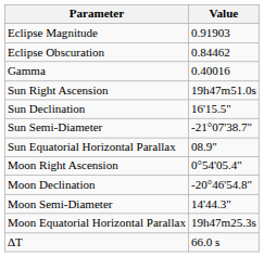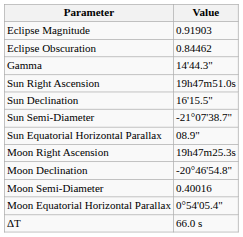 <table class="wikitable">
 <tr>
 <th>Parameter</th>
 <th>Value</th>
 </tr>
 <tr>
 <td>Eclipse Magnitude</td>
 <td>0.91903</td>
 </tr>
 <tr>
 <td>Eclipse Obscuration</td>
 <td>0.84462</td>
 </tr>
 <tr>
 <td>Gamma</td>
-<td>0.40016</td>
+<td>14'44.3"</td>
 </tr>
 <tr>
 <td>Sun Right Ascension</td>
 <td>19h47m51.0s</td>
 </tr>
 <tr>
 <td>Sun Declination</td>
 <td>16'15.5"</td>
 </tr>
 <tr>
 <td>Sun Semi-Diameter</td>
 <td>-21°07'38.7"</td>
 </tr>
 <tr>
 <td>Sun Equatorial Horizontal Parallax</td>
 <td>08.9"</td>
 </tr>
 <tr>
 <td>Moon Right Ascension</td>
-<td>0°54'05.4"</td>
+<td>19h47m25.3s</td>
 </tr>
 <tr>
 <td>Moon Declination</td>
 <td>-20°46'54.8"</td>
 </tr>
 <tr>
 <td>Moon Semi-Diameter</td>
-<td>14'44.3"</td>
+<td>0.40016</td>
 </tr>
 <tr>
 <td>Moon Equatorial Horizontal Parallax</td>
-<td>19h47m25.3s</td>
+<td>0°54'05.4"</td>
 </tr>
 <tr>
 <td>ΔT</td>
 <td>66.0 s</td>
 </tr>
 </table>
